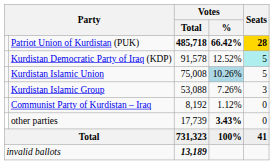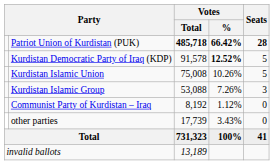 <table class="wikitable sortable" style="font-size:95%">
 <tr style="background-color:#EEE;">
 <th colspan="2" rowspan="2" class="unsortable">Party</th>
 <th colspan="2">Votes</th>
 <th rowspan="2">Seats</th>
 </tr>
 <tr style="background-color:#EEE;">
 <th>Total</th>
 <th>%</th>
 </tr>
 <tr>
 <td></td>
 <td><a href='#'>Patriot Union of Kurdistan</a> (PUK)</td>
 <td align="right"><strong>485,718</strong></td>
 <td align="right"><strong>66.42%</strong></td>
-<td align="right" style="background: gold;"><strong>28</strong></td>
+<td align="right"><strong>28</strong></td>
 </tr>
 <tr>
 <td></td>
 <td><a href='#'>Kurdistan Democratic Party of Iraq</a> (KDP)</td>
 <td align="right">91,578</td>
-<td align="right">12.52%</td>
-<td align="right" style="background: paleturquoise;">5</td>
+<td align="right"><strong>12.52%</strong></td>
+<td align="right">5</td>
 </tr>
 <tr>
 <td></td>
 <td><a href='#'>Kurdistan Islamic Union</a></td>
 <td align="right">75,008</td>
-<td align="right" style="background: lightblue;">10.26%</td>
+<td align="right">10.26%</td>
 <td align="right">5</td>
 </tr>
 <tr>
 <td></td>
 <td><a href='#'>Kurdistan Islamic Group</a></td>
 <td align="right">53,088</td>
 <td align="right">7.26%</td>
 <td align="right">3</td>
 </tr>
 <tr>
 <td></td>
 <td><a href='#'>Communist Party of Kurdistan – Iraq</a></td>
 <td align="right">8,192</td>
 <td align="right">1.12%</td>
 <td align="right">0</td>
 </tr>
 <tr>
 <td bgcolor="#fff"></td>
 <td>other parties</td>
 <td align="right">17,739</td>
-<td align="right"><strong>3.43%</strong></td>
+<td align="right">3.43%</td>
 <td align="right">0</td>
 </tr>
 <tr class="sortbottom" bgcolor="#EEE">
 <th colspan=2>Total</th>
 <td align="right"><strong>731,323</strong></td>
 <td align="right"><strong>100%</strong></td>
 <td align="right"><strong>41</strong></td>
 </tr>
 <tr class="sortbottom">
 <td colspan=2><em>invalid ballots</em></td>
-<td align="right"><strong><em>13,189</em></strong></td>
+<td align="right"><em>13,189</em></td>
 <td align="right"></td>
 <td align="right"></td>
 </tr>
 </table>
